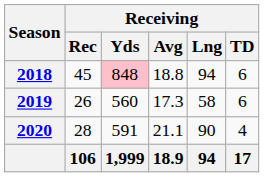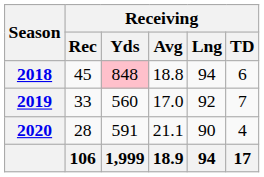 <table class="wikitable" style="text-align:center;">
 <tr>
 <th rowspan="2">Season</th>
 <th colspan="5">Receiving</th>
 </tr>
 <tr>
 <th>Rec</th>
 <th>Yds</th>
 <th>Avg</th>
 <th>Lng</th>
 <th>TD</th>
 </tr>
 <tr>
 <th><a href='#'>2018</a></th>
 <td>45</td>
 <td style="background: pink;">848</td>
 <td>18.8</td>
 <td>94</td>
 <td>6</td>
 </tr>
 <tr>
 <th><a href='#'>2019</a></th>
-<td>26</td>
+<td>33</td>
 <td>560</td>
-<td>17.3</td>
-<td>58</td>
-<td>6</td>
+<td>17.0</td>
+<td>92</td>
+<td>7</td>
 </tr>
 <tr>
 <th><a href='#'>2020</a></th>
 <td>28</td>
 <td>591</td>
 <td>21.1</td>
 <td>90</td>
 <td>4</td>
 </tr>
 <tr>
 <th></th>
 <th>106</th>
 <th>1,999</th>
 <th>18.9</th>
 <th>94</th>
 <th>17</th>
 </tr>
 </table>
